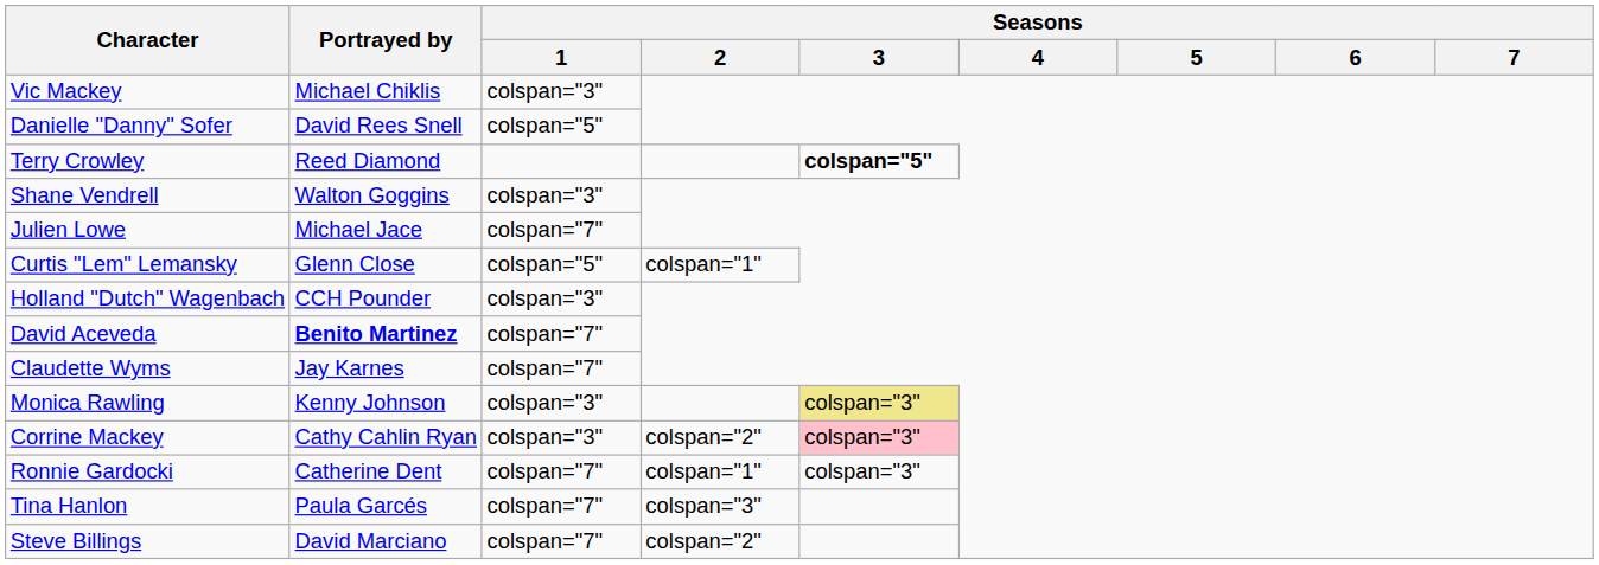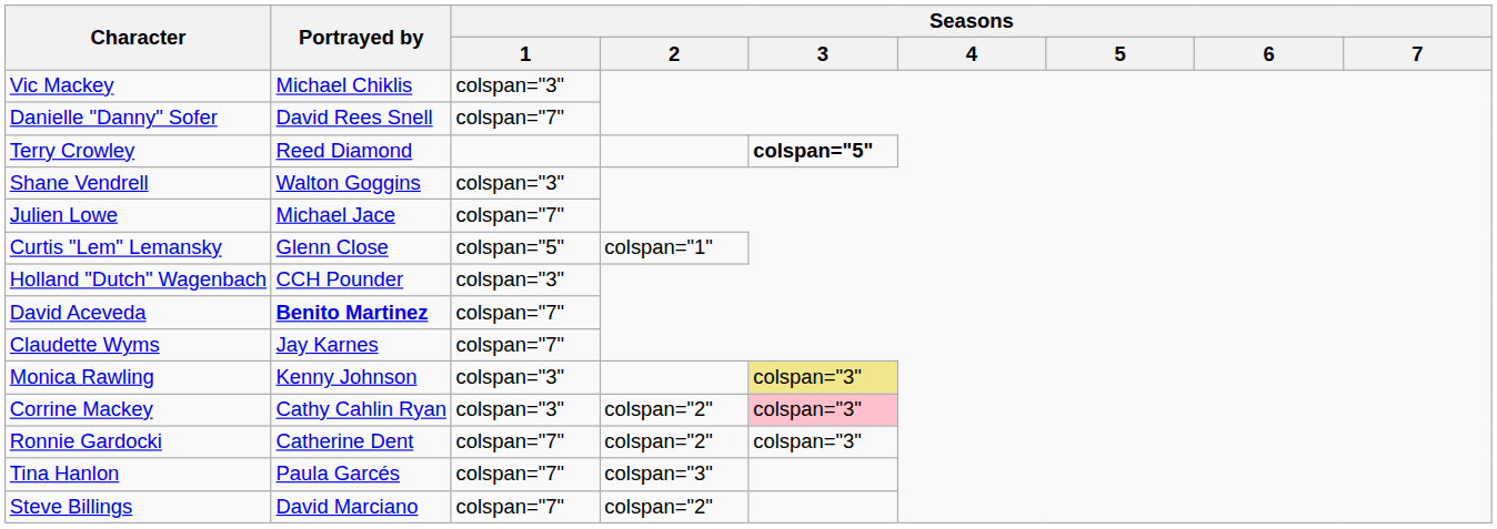 <table class="wikitable collapsible">
 <tr>
 <th rowspan="2">Character</th>
 <th rowspan="2">Portrayed by</th>
 <th colspan="7">Seasons</th>
 </tr>
 <tr>
 <th style="width:10%;">1</th>
 <th style="width:10%;">2</th>
 <th style="width:10%;">3</th>
 <th style="width:10%;">4</th>
 <th style="width:10%;">5</th>
 <th style="width:10%;">6</th>
 <th style="width:10%;">7</th>
 </tr>
 <tr>
 <td><a href='#'>Vic Mackey</a></td>
 <td><a href='#'>Michael Chiklis</a></td>
 <td>colspan="3" </td>
 </tr>
 <tr>
 <td><a href='#'>Danielle "Danny" Sofer</a></td>
 <td><a href='#'>David Rees Snell</a></td>
-<td>colspan="5" </td>
+<td>colspan="7" </td>
 </tr>
 <tr>
 <td><a href='#'>Terry Crowley</a></td>
 <td><a href='#'>Reed Diamond</a></td>
 <td></td>
 <td></td>
 <td><strong>colspan="5" </strong></td>
 </tr>
 <tr>
 <td><a href='#'>Shane Vendrell</a></td>
 <td><a href='#'>Walton Goggins</a></td>
 <td>colspan="3" </td>
 </tr>
 <tr>
 <td><a href='#'>Julien Lowe</a></td>
 <td><a href='#'>Michael Jace</a></td>
 <td>colspan="7" </td>
 </tr>
 <tr>
 <td><a href='#'>Curtis "Lem" Lemansky</a></td>
 <td><a href='#'>Glenn Close</a></td>
 <td>colspan="5" </td>
 <td>colspan="1" </td>
 </tr>
 <tr>
 <td><a href='#'>Holland "Dutch" Wagenbach</a></td>
 <td><a href='#'>CCH Pounder</a></td>
 <td>colspan="3" </td>
 </tr>
 <tr>
 <td><a href='#'>David Aceveda</a></td>
 <td><strong><a href='#'>Benito Martinez</a></strong></td>
 <td>colspan="7" </td>
 </tr>
 <tr>
 <td><a href='#'>Claudette Wyms</a></td>
 <td><a href='#'>Jay Karnes</a></td>
 <td>colspan="7" </td>
 </tr>
 <tr>
 <td><a href='#'>Monica Rawling</a></td>
 <td><a href='#'>Kenny Johnson</a></td>
 <td>colspan="3" </td>
 <td></td>
 <td style="background: khaki;">colspan="3" </td>
 </tr>
 <tr>
 <td><a href='#'>Corrine Mackey</a></td>
 <td><a href='#'>Cathy Cahlin Ryan</a></td>
 <td>colspan="3" </td>
 <td>colspan="2" </td>
 <td style="background: pink;">colspan="3" </td>
 </tr>
 <tr>
 <td><a href='#'>Ronnie Gardocki</a></td>
 <td><a href='#'>Catherine Dent</a></td>
 <td>colspan="7" </td>
-<td>colspan="1" </td>
+<td>colspan="2" </td>
 <td>colspan="3" </td>
 </tr>
 <tr>
 <td><a href='#'>Tina Hanlon</a></td>
 <td><a href='#'>Paula Garcés</a></td>
 <td>colspan="7" </td>
 <td>colspan="3" </td>
 <td></td>
 </tr>
 <tr>
 <td><a href='#'>Steve Billings</a></td>
 <td><a href='#'>David Marciano</a></td>
 <td>colspan="7" </td>
 <td>colspan="2" </td>
 <td></td>
 </tr>
 </table>
